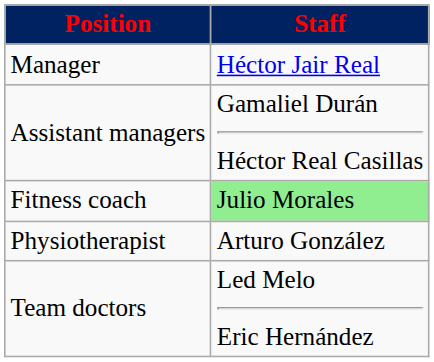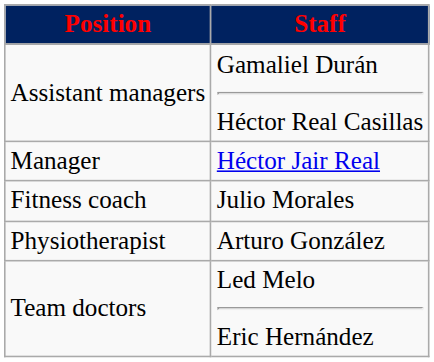 <table class="wikitable">
 <tr>
 <th style=background-color:#002260;color:#FF0000>Position</th>
 <th style=background-color:#002260;color:#FF0000>Staff</th>
 </tr>
 <tr>
 </tr>
 <tr>
+<td>Assistant managers</td>
+<td> Gamaliel Durán<hr> Héctor Real Casillas</td>
+</tr>
+<tr>
 <td>Manager</td>
 <td> <a href='#'>Héctor Jair Real</a></td>
 </tr>
 <tr>
-<td>Assistant managers</td>
-<td> Gamaliel Durán<hr> Héctor Real Casillas</td>
-</tr>
-<tr>
 <td>Fitness coach</td>
-<td style="background: lightgreen;"> Julio Morales</td>
+<td> Julio Morales</td>
 </tr>
 <tr>
 <td>Physiotherapist</td>
 <td> Arturo González</td>
 </tr>
 <tr>
 <td>Team doctors</td>
 <td> Led Melo<hr> Eric Hernández</td>
 </tr>
 </table>
